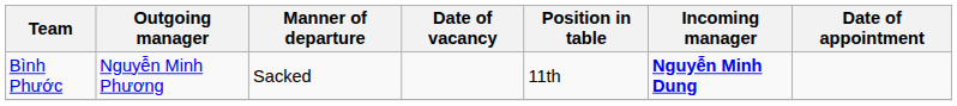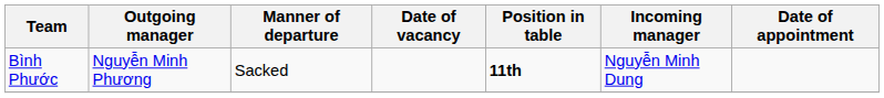 <table class="wikitable sortable">
 <tr>
 <th>Team</th>
 <th>Outgoing manager</th>
 <th>Manner of departure</th>
 <th>Date of vacancy</th>
 <th>Position in table</th>
 <th>Incoming manager</th>
 <th>Date of appointment</th>
 </tr>
 <tr>
 <td><a href='#'>Bình Phước</a></td>
 <td> <a href='#'>Nguyễn Minh Phương</a></td>
 <td>Sacked</td>
 <td></td>
-<td>11th</td>
-<td><strong> <a href='#'>Nguyễn Minh Dung</a></strong></td>
+<td><strong>11th</strong></td>
+<td> <a href='#'>Nguyễn Minh Dung</a></td>
 <td></td>
 </tr>
 <tr>
 </tr>
 </table>
